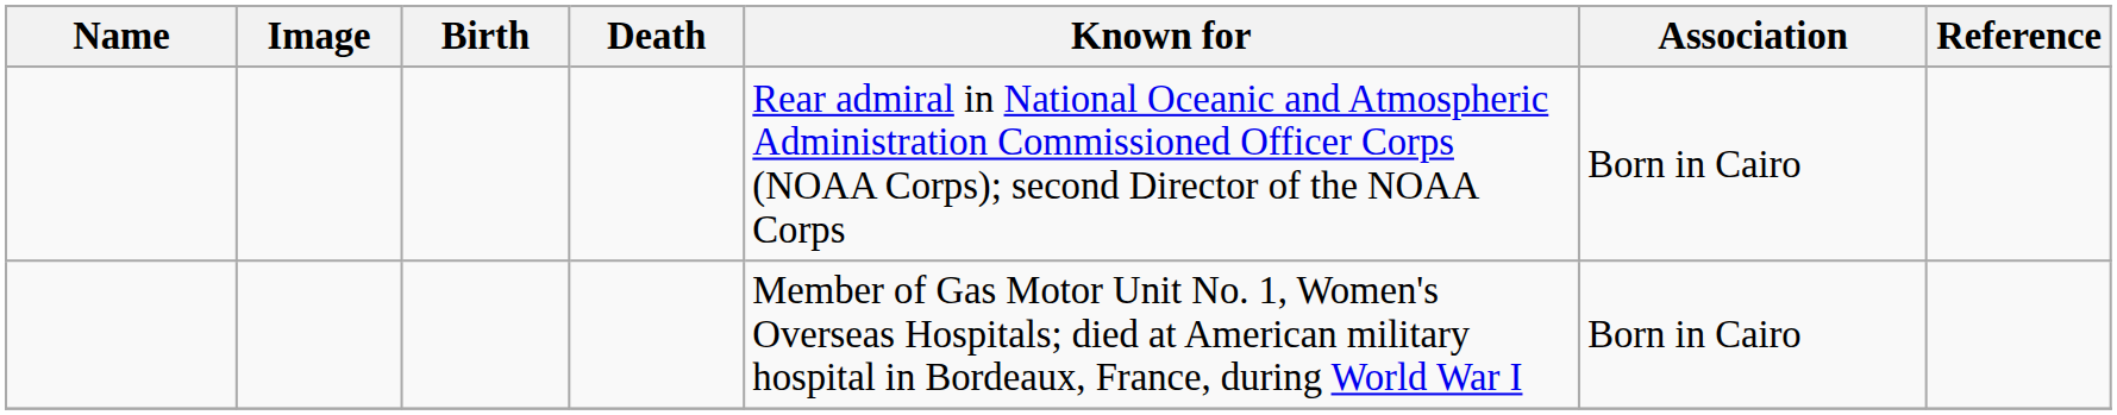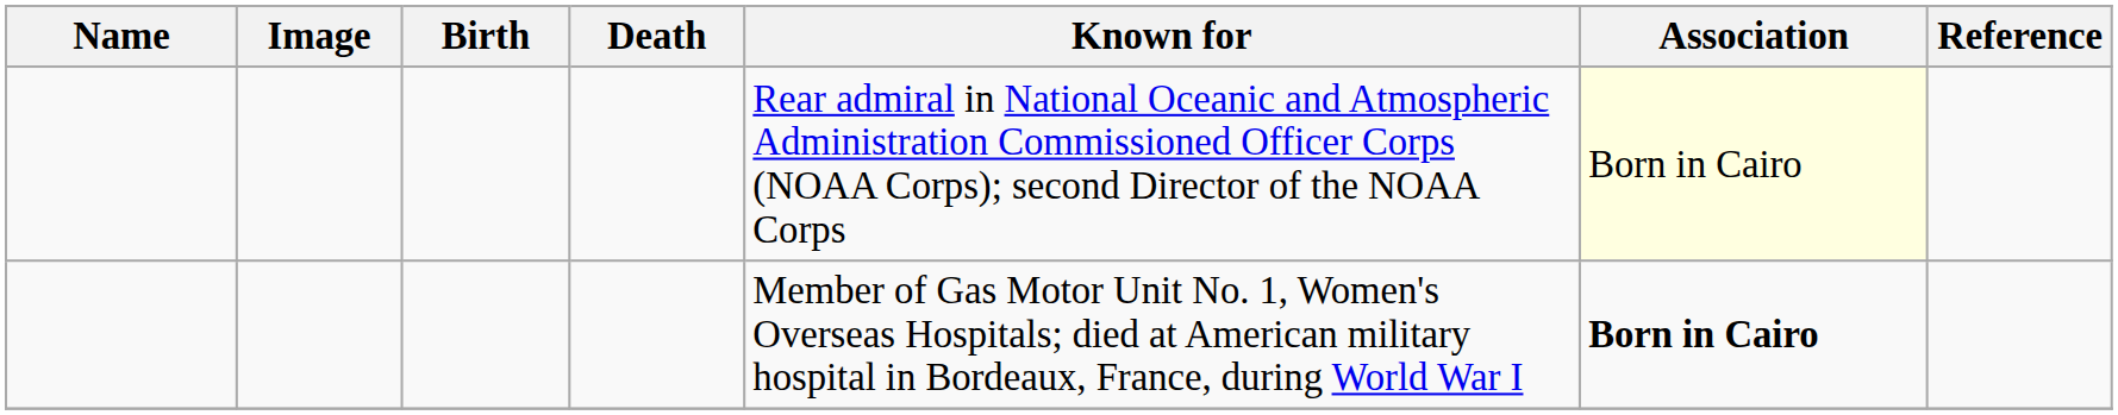 <table class="wikitable sortable">
 <tr>
 <th scope="col" width="140">Name</th>
 <th scope="col" width="80" class="unsortable">Image</th>
 <th scope="col" width="90">Birth</th>
 <th scope="col" width="90">Death</th>
 <th scope="col" width="600" class="unsortable">Known for</th>
 <th scope="col" width="200" class="unsortable">Association</th>
 <th scope="col" width="30" class="unsortable">Reference</th>
 </tr>
 <tr>
 <td></td>
 <td></td>
 <td align=right></td>
 <td align=right></td>
 <td><a href='#'>Rear admiral</a> in <a href='#'>National Oceanic and Atmospheric Administration Commissioned Officer Corps</a> (NOAA Corps); second Director of the NOAA Corps</td>
-<td>Born in Cairo</td>
+<td style="background: lightyellow;">Born in Cairo</td>
 <td align="center"></td>
 </tr>
 <tr>
 <td></td>
 <td></td>
 <td align=right></td>
 <td align=right></td>
 <td>Member of Gas Motor Unit No. 1, Women's Overseas Hospitals; died at American military hospital in Bordeaux, France, during <a href='#'>World War I</a></td>
-<td>Born in Cairo</td>
+<td><strong>Born in Cairo</strong></td>
 <td align="center"></td>
 </tr>
 <tr>
 </tr>
 </table>
